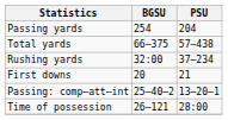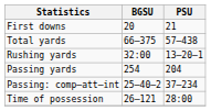 <table class="wikitable" style="float: left;">
 <tr>
 <th>Statistics</th>
 <th>BGSU</th>
 <th>PSU</th>
 </tr>
 <tr>
-<td>Passing yards</td>
-<td>254</td>
-<td>204</td>
+<td>First downs</td>
+<td>20</td>
+<td>21</td>
 </tr>
 <tr>
 <td>Total yards</td>
 <td>66–375</td>
 <td>57–438</td>
 </tr>
 <tr>
 <td>Rushing yards</td>
 <td>32:00</td>
-<td>37–234</td>
+<td>13–20–1</td>
 </tr>
 <tr>
-<td>First downs</td>
-<td>20</td>
-<td>21</td>
+<td>Passing yards</td>
+<td>254</td>
+<td>204</td>
 </tr>
 <tr>
 <td>Passing: comp–att–int</td>
 <td>25–40–2</td>
-<td>13–20–1</td>
+<td>37–234</td>
 </tr>
 <tr>
 <td>Time of possession</td>
 <td>26–121</td>
 <td>28:00</td>
 </tr>
 <tr>
 </tr>
 </table>
